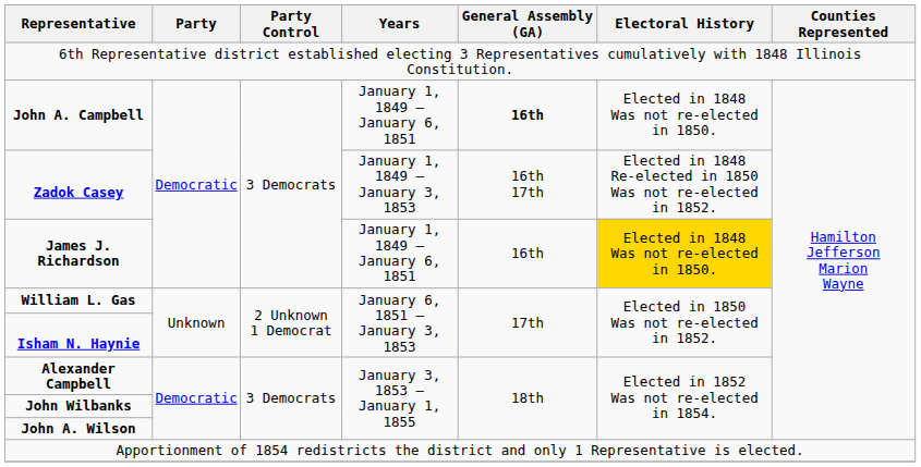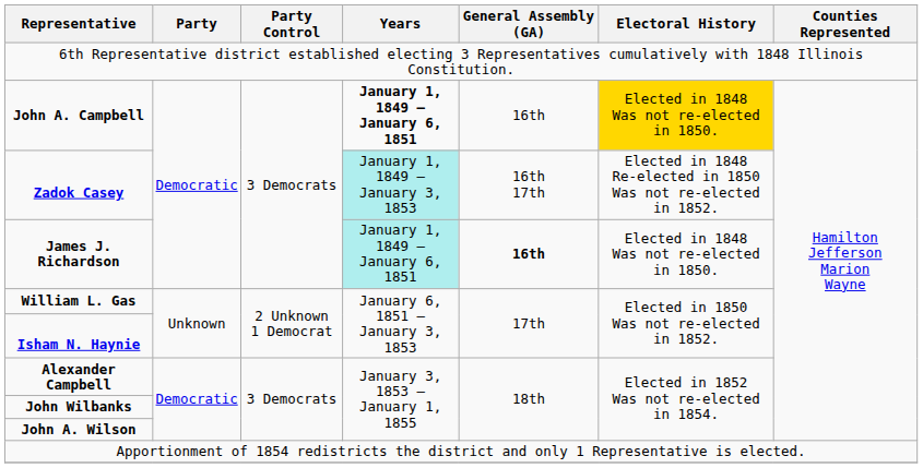 <table class="wikitable" style="text-align:center">
 <tr>
 <th>Representative</th>
 <th>Party</th>
 <th>Party Control</th>
 <th>Years</th>
 <th>General Assembly (GA)</th>
 <th>Electoral History</th>
 <th>Counties Represented</th>
 </tr>
 <tr>
 <td colspan=7>6th Representative district established electing 3 Representatives cumulatively with 1848 Illinois Constitution.</td>
 </tr>
 <tr>
 <td><strong>John A. Campbell</strong></td>
 <td rowspan=3 ><a href='#'>Democratic</a></td>
 <td rowspan=3 >3 Democrats</td>
-<td>January 1, 1849 –<br>January 6, 1851</td>
-<td><strong>16th</strong></td>
-<td>Elected in 1848<br>Was not re-elected in 1850.</td>
+<td><strong>January 1, 1849 –<br>January 6, 1851</strong></td>
+<td>16th</td>
+<td style="background: gold;">Elected in 1848<br>Was not re-elected in 1850.</td>
 <td rowspan=8><a href='#'>Hamilton</a><br><a href='#'>Jefferson</a><br><a href='#'>Marion</a><br><a href='#'>Wayne</a></td>
 </tr>
 <tr>
 <td align=center><br><strong><a href='#'>Zadok Casey</a></strong></td>
-<td>January 1, 1849 –<br>January 3, 1853</td>
+<td style="background: paleturquoise;">January 1, 1849 –<br>January 3, 1853</td>
 <td>16th<br>17th</td>
 <td>Elected in 1848<br>Re-elected in 1850<br>Was not re-elected in 1852.</td>
 </tr>
 <tr>
 <td><strong>James J. Richardson</strong></td>
-<td>January 1, 1849 –<br>January 6, 1851</td>
-<td>16th</td>
-<td style="background: gold;">Elected in 1848<br>Was not re-elected in 1850.</td>
+<td style="background: paleturquoise;">January 1, 1849 –<br>January 6, 1851</td>
+<td><strong>16th</strong></td>
+<td>Elected in 1848<br>Was not re-elected in 1850.</td>
 </tr>
 <tr>
 <td><strong>William L. Gas</strong></td>
 <td rowspan=2>Unknown</td>
 <td rowspan=2>2 Unknown<br>1 Democrat</td>
 <td rowspan=2>January 6, 1851 –<br>January 3, 1853</td>
 <td rowspan=2>17th</td>
 <td rowspan=2>Elected in 1850<br>Was not re-elected in 1852.</td>
 </tr>
 <tr>
 <td align=center><br><strong><a href='#'>Isham N. Haynie</a></strong></td>
 </tr>
 <tr>
 <td><strong>Alexander Campbell</strong></td>
 <td rowspan=3 ><a href='#'>Democratic</a></td>
 <td rowspan=3 >3 Democrats</td>
 <td rowspan=3>January 3, 1853 –<br>January 1, 1855</td>
 <td rowspan=3>18th</td>
 <td rowspan=3>Elected in 1852<br>Was not re-elected in 1854.</td>
 </tr>
 <tr>
 <td><strong>John Wilbanks</strong></td>
 </tr>
 <tr>
 <td><strong>John A. Wilson</strong></td>
 </tr>
 <tr>
 <td colspan=7>Apportionment of 1854 redistricts the district and only 1 Representative is elected.</td>
 </tr>
 <tr>
 </tr>
 </table>
